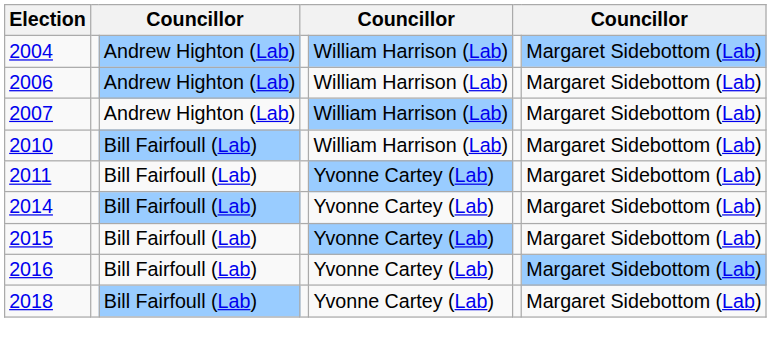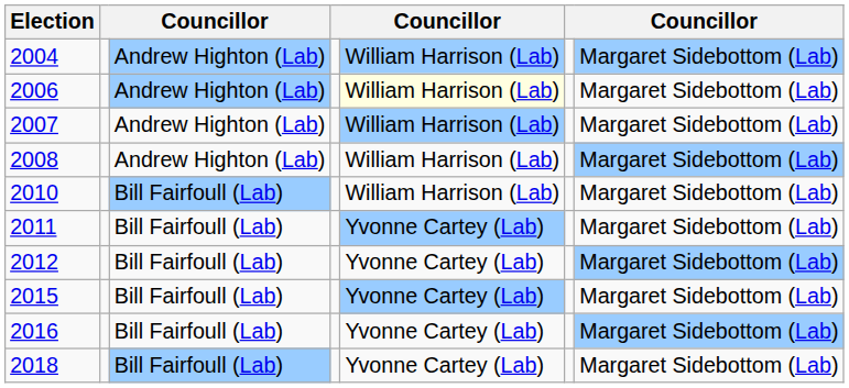 <table class="wikitable">
 <tr>
 <th>Election</th>
 <th colspan="2">Councillor</th>
 <th colspan="2">Councillor</th>
 <th colspan="2">Councillor</th>
 </tr>
 <tr>
 <td><a href='#'>2004</a></td>
 <td style="background-color: "></td>
 <td bgcolor="#99CCFF">Andrew Highton (<a href='#'>Lab</a>)</td>
 <td style="background-color: "></td>
 <td bgcolor="#99CCFF">William Harrison (<a href='#'>Lab</a>)</td>
 <td style="background-color: "></td>
 <td bgcolor="#99CCFF">Margaret Sidebottom (<a href='#'>Lab</a>)</td>
 </tr>
 <tr>
 <td><a href='#'>2006</a></td>
 <td style="background-color: "></td>
 <td bgcolor="#99CCFF">Andrew Highton (<a href='#'>Lab</a>)</td>
 <td style="background-color: "></td>
-<td>William Harrison (<a href='#'>Lab</a>)</td>
+<td style="background: lightyellow;">William Harrison (<a href='#'>Lab</a>)</td>
 <td style="background-color: "></td>
 <td>Margaret Sidebottom (<a href='#'>Lab</a>)</td>
 </tr>
 <tr>
 <td><a href='#'>2007</a></td>
 <td style="background-color: "></td>
 <td>Andrew Highton (<a href='#'>Lab</a>)</td>
 <td style="background-color: "></td>
 <td bgcolor="#99CCFF">William Harrison (<a href='#'>Lab</a>)</td>
 <td style="background-color: "></td>
 <td>Margaret Sidebottom (<a href='#'>Lab</a>)</td>
+</tr>
+<tr>
+<td><a href='#'>2008</a></td>
+<td style="background-color: "></td>
+<td>Andrew Highton (<a href='#'>Lab</a>)</td>
+<td style="background-color: "></td>
+<td>William Harrison (<a href='#'>Lab</a>)</td>
+<td style="background-color: "></td>
+<td bgcolor="#99CCFF">Margaret Sidebottom (<a href='#'>Lab</a>)</td>
 </tr>
 <tr>
 <td><a href='#'>2010</a></td>
 <td style="background-color: "></td>
 <td bgcolor="#99CCFF">Bill Fairfoull (<a href='#'>Lab</a>)</td>
 <td style="background-color: "></td>
 <td>William Harrison (<a href='#'>Lab</a>)</td>
 <td style="background-color: "></td>
 <td>Margaret Sidebottom (<a href='#'>Lab</a>)</td>
 </tr>
 <tr>
 <td><a href='#'>2011</a></td>
 <td style="background-color: "></td>
 <td>Bill Fairfoull (<a href='#'>Lab</a>)</td>
 <td style="background-color: "></td>
 <td bgcolor="#99CCFF">Yvonne Cartey (<a href='#'>Lab</a>)</td>
 <td style="background-color: "></td>
 <td>Margaret Sidebottom (<a href='#'>Lab</a>)</td>
 </tr>
 <tr>
-<td><a href='#'>2014</a></td>
+<td><a href='#'>2012</a></td>
 <td style="background-color: "></td>
-<td bgcolor="#99CCFF">Bill Fairfoull (<a href='#'>Lab</a>)</td>
+<td>Bill Fairfoull (<a href='#'>Lab</a>)</td>
 <td style="background-color: "></td>
 <td>Yvonne Cartey (<a href='#'>Lab</a>)</td>
 <td style="background-color: "></td>
-<td>Margaret Sidebottom (<a href='#'>Lab</a>)</td>
+<td bgcolor="#99CCFF">Margaret Sidebottom (<a href='#'>Lab</a>)</td>
 </tr>
 <tr>
 <td><a href='#'>2015</a></td>
 <td style="background-color: "></td>
 <td>Bill Fairfoull (<a href='#'>Lab</a>)</td>
 <td style="background-color: "></td>
 <td bgcolor="#99CCFF">Yvonne Cartey (<a href='#'>Lab</a>)</td>
 <td style="background-color: "></td>
 <td>Margaret Sidebottom (<a href='#'>Lab</a>)</td>
 </tr>
 <tr>
 <td><a href='#'>2016</a></td>
 <td style="background-color: "></td>
 <td>Bill Fairfoull (<a href='#'>Lab</a>)</td>
 <td style="background-color: "></td>
 <td>Yvonne Cartey (<a href='#'>Lab</a>)</td>
 <td style="background-color: "></td>
 <td bgcolor="#99CCFF">Margaret Sidebottom (<a href='#'>Lab</a>)</td>
 </tr>
 <tr>
 <td><a href='#'>2018</a></td>
 <td style="background-color: "></td>
 <td bgcolor="#99CCFF">Bill Fairfoull (<a href='#'>Lab</a>)</td>
 <td style="background-color: "></td>
 <td>Yvonne Cartey (<a href='#'>Lab</a>)</td>
 <td style="background-color: "></td>
 <td>Margaret Sidebottom (<a href='#'>Lab</a>)</td>
 </tr>
 </table>
